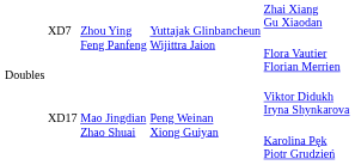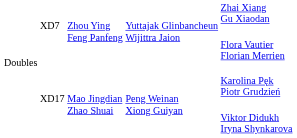 <table>
 <tr>
 <td rowspan="4">Doubles</td>
 <td rowspan="2">XD7<br></td>
 <td rowspan="2"><br><a href='#'>Zhou Ying</a><br><a href='#'>Feng Panfeng</a></td>
 <td rowspan="2"><br><a href='#'>Yuttajak Glinbancheun</a><br><a href='#'>Wijittra Jaion</a></td>
 <td><br><a href='#'>Zhai Xiang</a><br><a href='#'>Gu Xiaodan</a></td>
 </tr>
 <tr>
 <td><br><a href='#'>Flora Vautier</a><br><a href='#'>Florian Merrien</a></td>
 </tr>
 <tr>
 <td rowspan="2">XD17<br></td>
 <td rowspan="2"><br><a href='#'>Mao Jingdian</a><br><a href='#'>Zhao Shuai</a></td>
 <td rowspan="2"><br><a href='#'>Peng Weinan</a><br><a href='#'>Xiong Guiyan</a></td>
+<td><br><a href='#'>Karolina Pęk</a><br><a href='#'>Piotr Grudzień</a></td>
+</tr>
+<tr>
 <td><br><a href='#'>Viktor Didukh</a><br><a href='#'>Iryna Shynkarova</a></td>
 </tr>
-<tr>
-<td><br><a href='#'>Karolina Pęk</a><br><a href='#'>Piotr Grudzień</a></td>
-</tr>
 </table>
